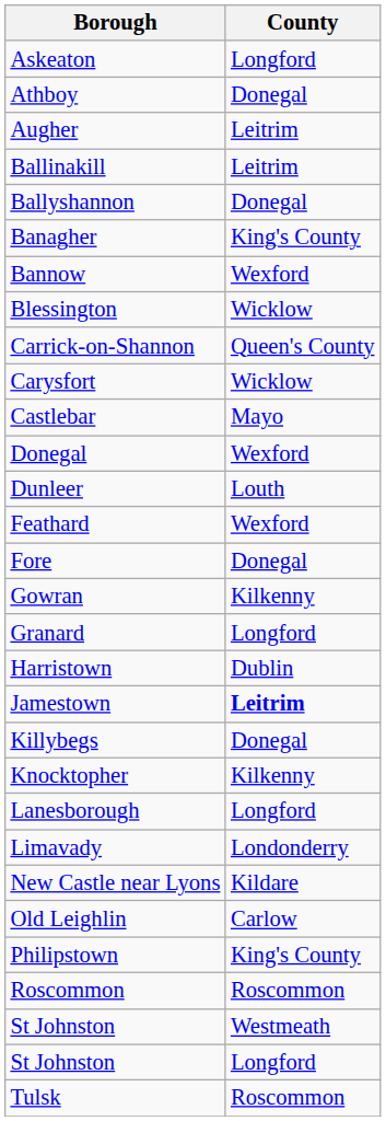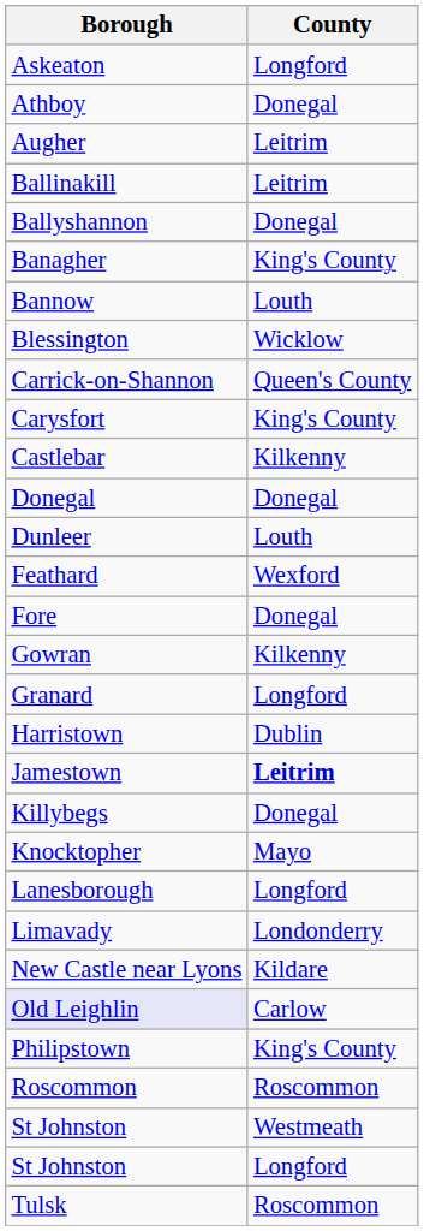 <table class="wikitable">
 <tr>
 <th>Borough</th>
 <th>County</th>
 </tr>
 <tr>
 <td><a href='#'>Askeaton</a></td>
 <td><a href='#'>Longford</a></td>
 </tr>
 <tr>
 <td><a href='#'>Athboy</a></td>
 <td><a href='#'>Donegal</a></td>
 </tr>
 <tr>
 <td><a href='#'>Augher</a></td>
 <td><a href='#'>Leitrim</a></td>
 </tr>
 <tr>
 <td><a href='#'>Ballinakill</a></td>
 <td><a href='#'>Leitrim</a></td>
 </tr>
 <tr>
 <td><a href='#'>Ballyshannon</a></td>
 <td><a href='#'>Donegal</a></td>
 </tr>
 <tr>
 <td><a href='#'>Banagher</a></td>
 <td><a href='#'>King's County</a></td>
 </tr>
 <tr>
 <td><a href='#'>Bannow</a></td>
-<td><a href='#'>Wexford</a></td>
+<td><a href='#'>Louth</a></td>
 </tr>
 <tr>
 <td><a href='#'>Blessington</a></td>
 <td><a href='#'>Wicklow</a></td>
 </tr>
 <tr>
 <td><a href='#'>Carrick-on-Shannon</a></td>
 <td><a href='#'>Queen's County</a></td>
 </tr>
 <tr>
 <td><a href='#'>Carysfort</a></td>
-<td><a href='#'>Wicklow</a></td>
+<td><a href='#'>King's County</a></td>
 </tr>
 <tr>
 <td><a href='#'>Castlebar</a></td>
-<td><a href='#'>Mayo</a></td>
+<td><a href='#'>Kilkenny</a></td>
 </tr>
 <tr>
 <td><a href='#'>Donegal</a></td>
-<td><a href='#'>Wexford</a></td>
+<td><a href='#'>Donegal</a></td>
 </tr>
 <tr>
 <td><a href='#'>Dunleer</a></td>
 <td><a href='#'>Louth</a></td>
 </tr>
 <tr>
 <td><a href='#'>Feathard</a></td>
 <td><a href='#'>Wexford</a></td>
 </tr>
 <tr>
 <td><a href='#'>Fore</a></td>
 <td><a href='#'>Donegal</a></td>
 </tr>
 <tr>
 <td><a href='#'>Gowran</a></td>
 <td><a href='#'>Kilkenny</a></td>
 </tr>
 <tr>
 <td><a href='#'>Granard</a></td>
 <td><a href='#'>Longford</a></td>
 </tr>
 <tr>
 <td><a href='#'>Harristown</a></td>
 <td><a href='#'>Dublin</a></td>
 </tr>
 <tr>
 <td><a href='#'>Jamestown</a></td>
 <td><strong><a href='#'>Leitrim</a></strong></td>
 </tr>
 <tr>
 <td><a href='#'>Killybegs</a></td>
 <td><a href='#'>Donegal</a></td>
 </tr>
 <tr>
 <td><a href='#'>Knocktopher</a></td>
-<td><a href='#'>Kilkenny</a></td>
+<td><a href='#'>Mayo</a></td>
 </tr>
 <tr>
 <td><a href='#'>Lanesborough</a></td>
 <td><a href='#'>Longford</a></td>
 </tr>
 <tr>
 <td><a href='#'>Limavady</a></td>
 <td><a href='#'>Londonderry</a></td>
 </tr>
 <tr>
 <td><a href='#'>New Castle near Lyons</a></td>
 <td><a href='#'>Kildare</a></td>
 </tr>
 <tr>
-<td><a href='#'>Old Leighlin</a></td>
+<td style="background: lavender;"><a href='#'>Old Leighlin</a></td>
 <td><a href='#'>Carlow</a></td>
 </tr>
 <tr>
 <td><a href='#'>Philipstown</a></td>
 <td><a href='#'>King's County</a></td>
 </tr>
 <tr>
 <td><a href='#'>Roscommon</a></td>
 <td><a href='#'>Roscommon</a></td>
 </tr>
 <tr>
 <td><a href='#'>St Johnston</a></td>
 <td><a href='#'>Westmeath</a></td>
 </tr>
 <tr>
 <td><a href='#'>St Johnston</a></td>
 <td><a href='#'>Longford</a></td>
 </tr>
 <tr>
 <td><a href='#'>Tulsk</a></td>
 <td><a href='#'>Roscommon</a></td>
 </tr>
 </table>
